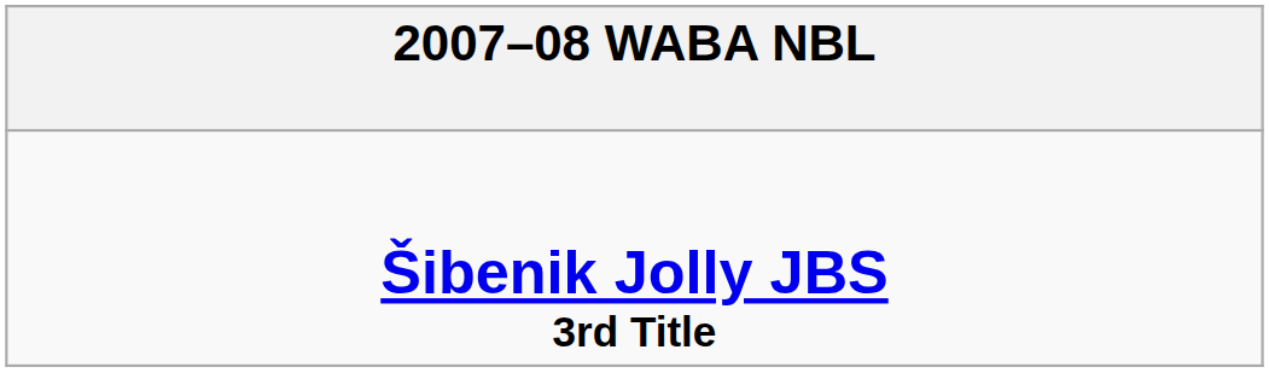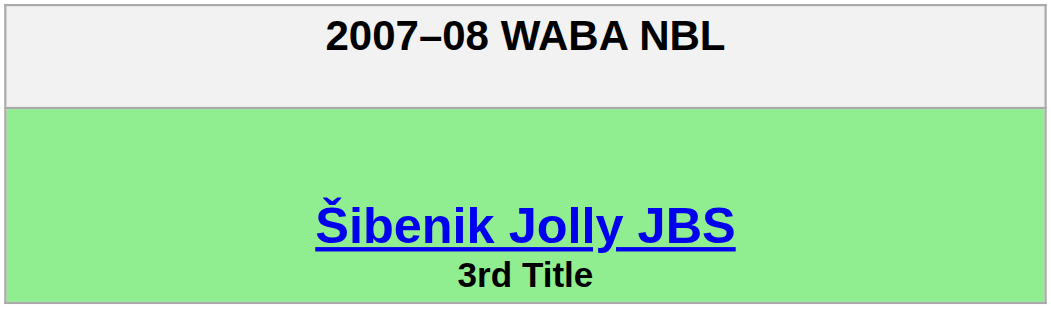 <table class="wikitable" style="margin: 0 auto; width: 30%;">
 <tr>
 <th><big>2007–08 WABA NBL</big><br><br></th>
 </tr>
 <tr>
-<td align=center><br><br><big><big><strong><a href='#'>Šibenik Jolly JBS</a></strong><br></big></big><strong>3rd Title</strong></td>
+<td align=center style="background: lightgreen;"><br><br><big><big><strong><a href='#'>Šibenik Jolly JBS</a></strong><br></big></big><strong>3rd Title</strong></td>
 </tr>
 </table>
